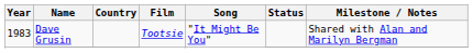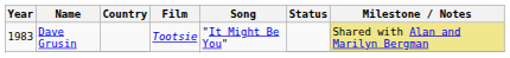 <table class="wikitable">
 <tr>
 <th scope=col>Year</th>
 <th scope=col>Name</th>
 <th scope=col>Country</th>
 <th scope=col>Film</th>
 <th scope=col>Song</th>
 <th scope=col>Status</th>
 <th scope=col>Milestone / Notes</th>
 </tr>
 <tr>
 <td rowspan=2>1983</td>
 <td><a href='#'>Dave Grusin</a></td>
 <td></td>
 <td rowspan=2><em><a href='#'>Tootsie</a></em></td>
 <td rowspan=2>"<a href='#'>It Might Be You</a>"</td>
 <td></td>
-<td>Shared with <a href='#'>Alan and Marilyn Bergman</a></td>
+<td style="background: khaki;">Shared with <a href='#'>Alan and Marilyn Bergman</a></td>
 </tr>
 <tr>
 </tr>
 </table>
